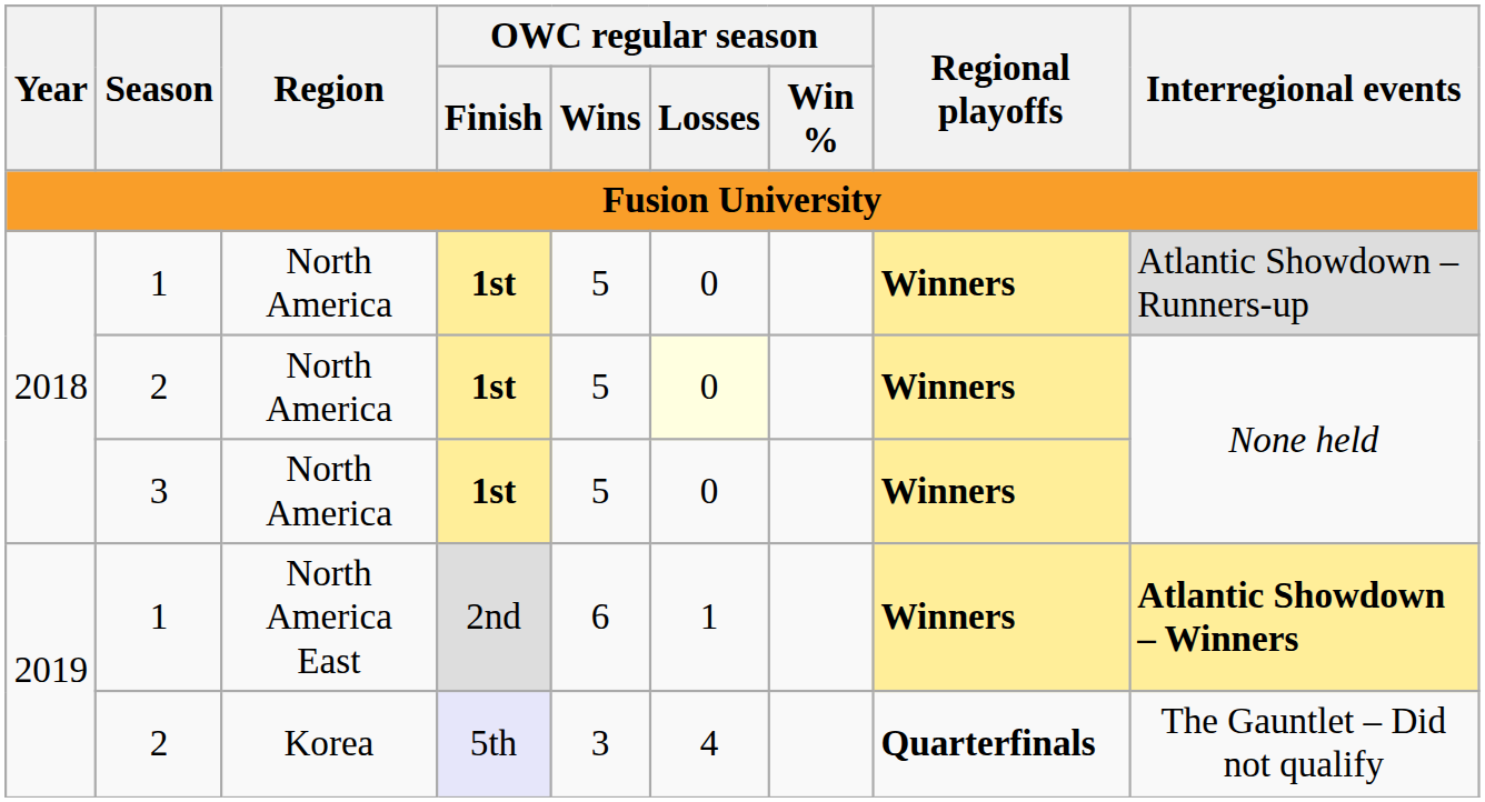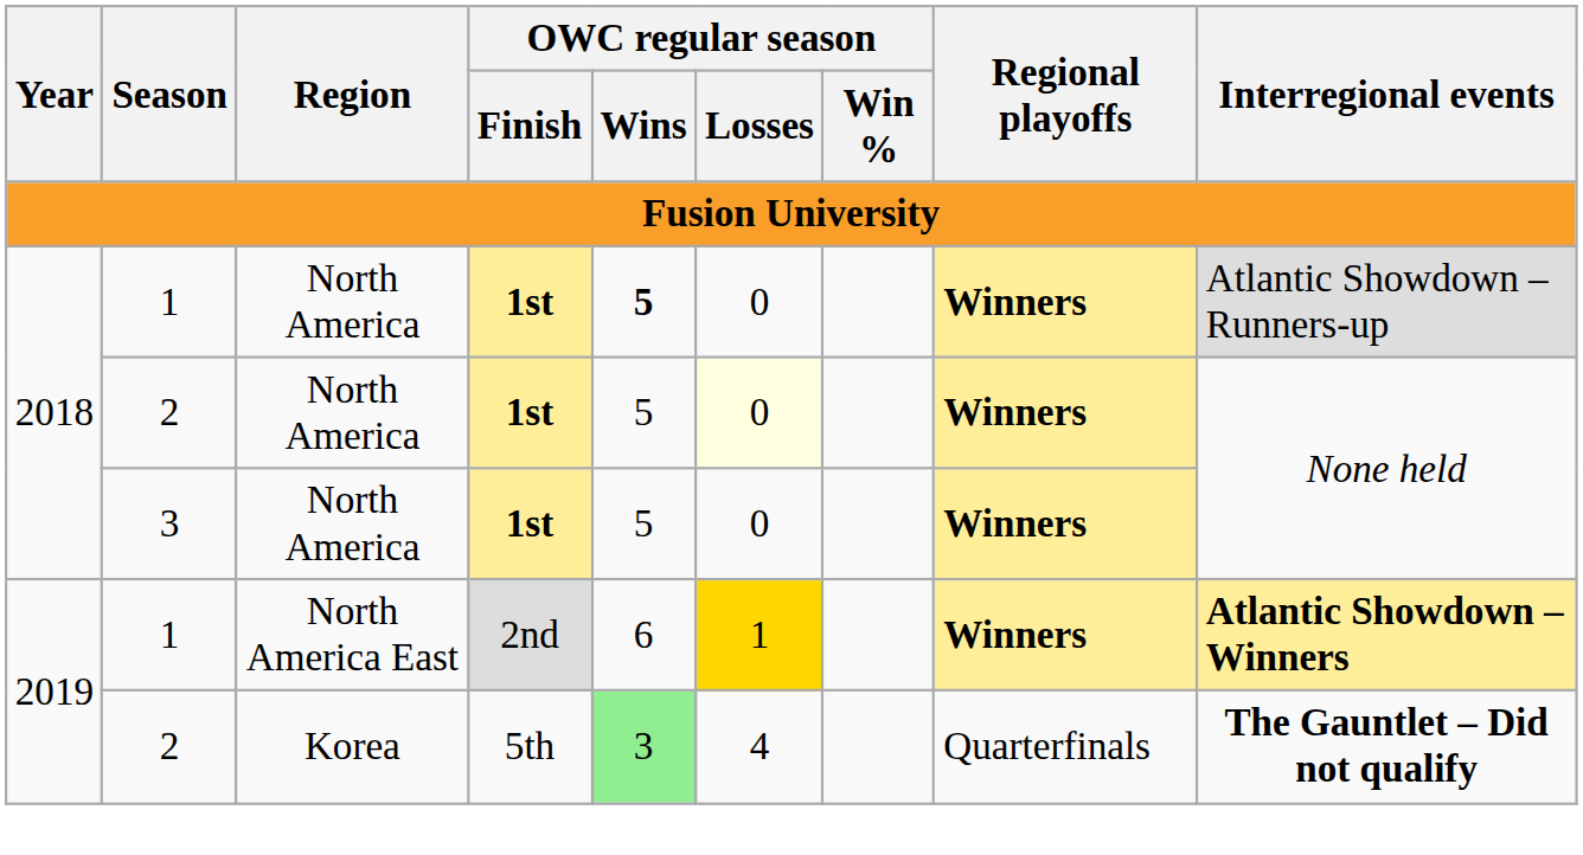 <table class="wikitable" style="text-align:center; font-size:95%;">
 <tr>
 <th rowspan="2">Year</th>
 <th rowspan="2">Season</th>
 <th rowspan="2">Region</th>
 <th colspan="4">OWC regular season</th>
 <th rowspan="2">Regional playoffs</th>
 <th rowspan="2">Interregional events</th>
 </tr>
 <tr>
 <th>Finish</th>
 <th>Wins</th>
 <th>Losses</th>
 <th>Win %</th>
 </tr>
 <tr>
 <th colspan="9" style="background:#F99E29; color:#000000;">Fusion University</th>
 </tr>
 <tr>
 <td rowspan= "3">2018</td>
 <td style="text-align:center;">1</td>
 <td>North America</td>
 <td bgcolor="#FFEE99"><strong>1st</strong></td>
-<td>5</td>
+<td><strong>5</strong></td>
 <td>0</td>
 <td></td>
 <td bgcolor="#FFEE99" style="text-align:left;"><strong>Winners</strong></td>
 <td bgcolor="#DDD" style="text-align:left;">Atlantic Showdown – Runners-up</td>
 </tr>
 <tr>
 <td>2</td>
 <td>North America</td>
 <td bgcolor="#FFEE99"><strong>1st</strong></td>
 <td>5</td>
 <td style="background: lightyellow;">0</td>
 <td></td>
 <td bgcolor="#FFEE99" style="text-align:left;"><strong>Winners</strong></td>
 <td rowspan="2"><em>None held</em></td>
 </tr>
 <tr>
 <td>3</td>
 <td>North America</td>
 <td bgcolor="#FFEE99"><strong>1st</strong></td>
 <td>5</td>
 <td>0</td>
 <td></td>
 <td bgcolor="#FFEE99" style="text-align:left;"><strong>Winners</strong></td>
 </tr>
 <tr>
 <td rowspan= "2">2019</td>
 <td>1</td>
 <td>North America East</td>
 <td bgcolor="#DDD">2nd</td>
 <td>6</td>
-<td>1</td>
+<td style="background: gold;">1</td>
 <td></td>
 <td bgcolor="#FFEE99" style="text-align:left;"><strong>Winners</strong></td>
 <td bgcolor="#FFEE99" style="text-align:left;"><strong>Atlantic Showdown – Winners</strong></td>
 </tr>
 <tr>
 <td>2</td>
 <td>Korea</td>
-<td style="background: lavender;">5th</td>
-<td>3</td>
+<td>5th</td>
+<td style="background: lightgreen;">3</td>
 <td>4</td>
 <td></td>
-<td style="text-align:left;"><strong>Quarterfinals</strong></td>
-<td>The Gauntlet – Did not qualify</td>
+<td style="text-align:left;">Quarterfinals</td>
+<td><strong>The Gauntlet – Did not qualify</strong></td>
 </tr>
 </table>
